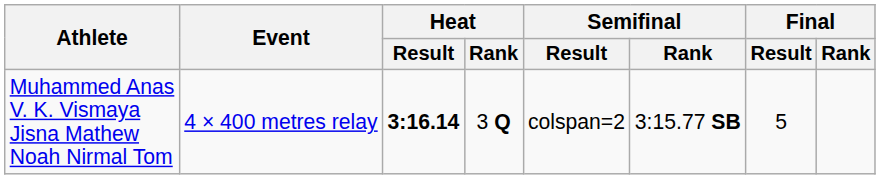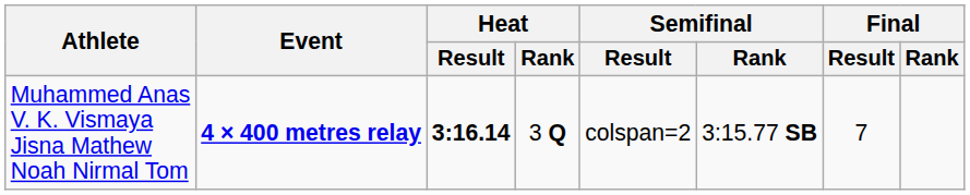 <table class="wikitable" style="font-size:90%">
 <tr>
 <th rowspan="2">Athlete</th>
 <th rowspan="2">Event</th>
 <th colspan="2">Heat</th>
 <th colspan="2">Semifinal</th>
 <th colspan="2">Final</th>
 </tr>
 <tr style="font-size:95%">
 <th>Result</th>
 <th>Rank</th>
 <th>Result</th>
 <th>Rank</th>
 <th>Result</th>
 <th>Rank</th>
 </tr>
 <tr style=text-align:center>
 <td style=text-align:left><a href='#'>Muhammed Anas</a><br><a href='#'>V. K. Vismaya</a><br><a href='#'>Jisna Mathew</a><br><a href='#'>Noah Nirmal Tom</a></td>
-<td style=text-align:left><a href='#'>4 × 400 metres relay</a></td>
+<td style=text-align:left><strong><a href='#'>4 × 400 metres relay</a></strong></td>
 <td><strong>3:16.14</strong></td>
 <td>3 <strong>Q</strong></td>
 <td>colspan=2 </td>
 <td>3:15.77 <strong>SB</strong></td>
-<td>5</td>
+<td>7</td>
 </tr>
 </table>
